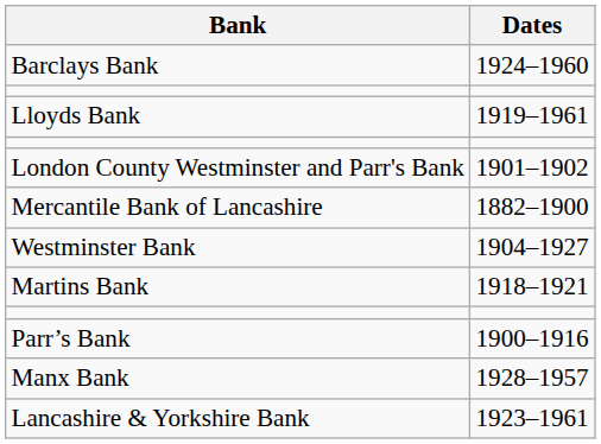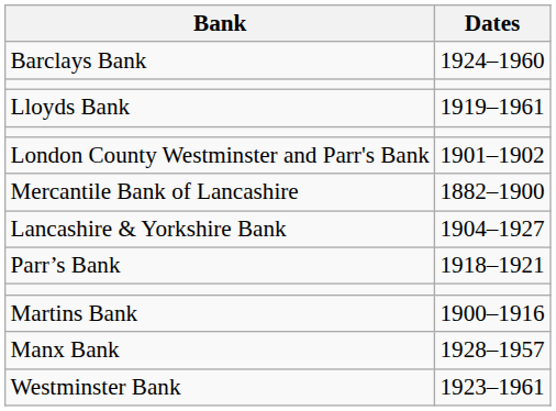 <table class="wikitable">
 <tr>
 <th>Bank</th>
 <th>Dates</th>
 </tr>
 <tr>
 <td>Barclays Bank</td>
 <td>1924–1960</td>
 </tr>
 <tr>
 <td></td>
 </tr>
 <tr>
 <td>Lloyds Bank</td>
 <td>1919–1961</td>
 </tr>
 <tr>
 <td></td>
 </tr>
 <tr>
 <td>London County Westminster and Parr's Bank</td>
 <td>1901–1902</td>
 </tr>
 <tr>
 <td>Mercantile Bank of Lancashire</td>
 <td>1882–1900</td>
 </tr>
 <tr>
-<td>Westminster Bank</td>
+<td>Lancashire & Yorkshire Bank</td>
 <td>1904–1927</td>
 </tr>
 <tr>
-<td>Martins Bank</td>
+<td>Parr’s Bank</td>
 <td>1918–1921</td>
 </tr>
 <tr>
 <td></td>
 </tr>
 <tr>
-<td>Parr’s Bank</td>
+<td>Martins Bank</td>
 <td>1900–1916</td>
 </tr>
 <tr>
 <td>Manx Bank</td>
 <td>1928–1957</td>
 </tr>
 <tr>
-<td>Lancashire & Yorkshire Bank</td>
+<td>Westminster Bank</td>
 <td>1923–1961</td>
 </tr>
 </table>
